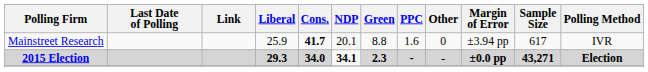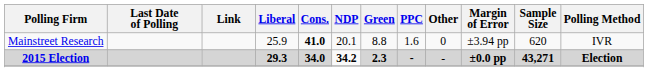 <table class="wikitable sortable" style="text-align:center;font-size:90%;line-height:14px;">
 <tr style="background:#e9e9e9;">
 <th style="width:120px">Polling Firm</th>
 <th style="width:110px">Last Date<br>of Polling</th>
 <th style="width:60px" class="unsortable">Link</th>
 <th style="background-color:"><strong><a href='#'>Liberal</a></strong></th>
 <th style="background-color:"><strong><a href='#'>Cons.</a></strong></th>
 <th style="background-color:"><strong><a href='#'>NDP</a></strong></th>
 <th style="background-color:"><strong><a href='#'>Green</a></strong></th>
 <th style="background-color:"><strong><a href='#'>PPC</a></strong></th>
 <th style="background-color:"><strong>Other</strong></th>
 <th style="width:60px;" class="unsortable">Margin<br>of Error</th>
 <th style="width:50px;" class="unsortable">Sample<br>Size</th>
 <th class="unsortable">Polling Method</th>
 </tr>
 <tr>
 <td><a href='#'>Mainstreet Research</a></td>
 <td></td>
 <td></td>
 <td>25.9</td>
-<td><strong>41.7</strong></td>
+<td><strong>41.0</strong></td>
 <td>20.1</td>
 <td>8.8</td>
 <td>1.6</td>
 <td>0</td>
 <td>±3.94 pp</td>
-<td>617</td>
+<td>620</td>
 <td>IVR</td>
 </tr>
 <tr>
 <td style="background:#D5D5D5"><strong><a href='#'>2015 Election</a></strong></td>
 <td style="background:#D5D5D5"><strong></strong></td>
 <td style="background:#D5D5D5"></td>
 <td style="background:#D5D5D5"><strong>29.3</strong></td>
 <td style="background:#D5D5D5"><strong>34.0</strong></td>
-<td><strong>34.1</strong></td>
+<td><strong>34.2</strong></td>
 <td style="background:#D5D5D5"><strong>2.3</strong></td>
 <td style="background:#D5D5D5"><strong>-</strong></td>
 <td style="background:#D5D5D5">-</td>
 <td style="background:#D5D5D5"><strong>±0.0 pp</strong></td>
 <td style="background:#D5D5D5"><strong>43,271</strong></td>
 <td style="background:#D5D5D5"><strong>Election</strong></td>
 </tr>
 <tr>
 </tr>
 <tr>
 </tr>
 </table>
